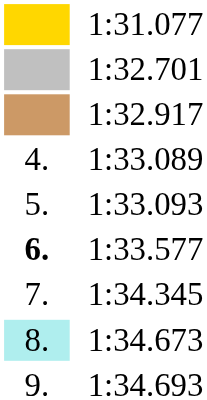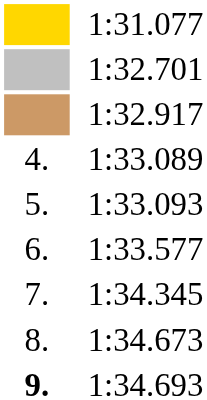 <table style="text-align:center">
 <tr>
 <td width=30 bgcolor=gold></td>
 <td align=left></td>
 <td width=60>1:31.077</td>
 </tr>
 <tr>
 <td bgcolor=silver></td>
 <td align=left></td>
 <td>1:32.701</td>
 </tr>
 <tr>
 <td bgcolor=cc9966></td>
 <td align=left></td>
 <td>1:32.917</td>
 </tr>
 <tr>
 <td>4.</td>
 <td align=left></td>
 <td>1:33.089</td>
 </tr>
 <tr>
 <td>5.</td>
 <td align=left></td>
 <td>1:33.093</td>
 </tr>
 <tr>
-<td><strong>6.</strong></td>
+<td>6.</td>
 <td align=left></td>
 <td>1:33.577</td>
 </tr>
 <tr>
 <td>7.</td>
 <td align=left></td>
 <td>1:34.345</td>
 </tr>
 <tr>
-<td style="background: paleturquoise;">8.</td>
+<td>8.</td>
 <td align=left></td>
 <td>1:34.673</td>
 </tr>
 <tr>
-<td>9.</td>
+<td><strong>9.</strong></td>
 <td align=left></td>
 <td>1:34.693</td>
 </tr>
 </table>
